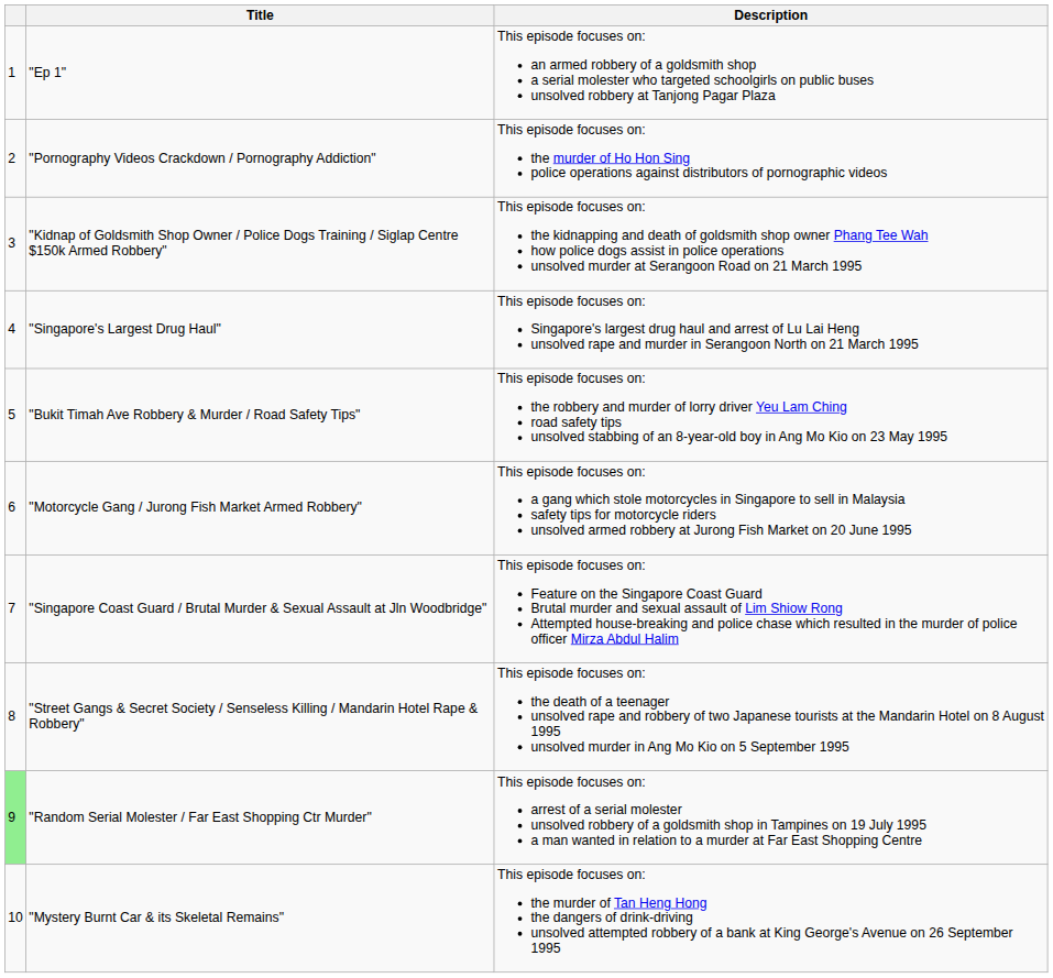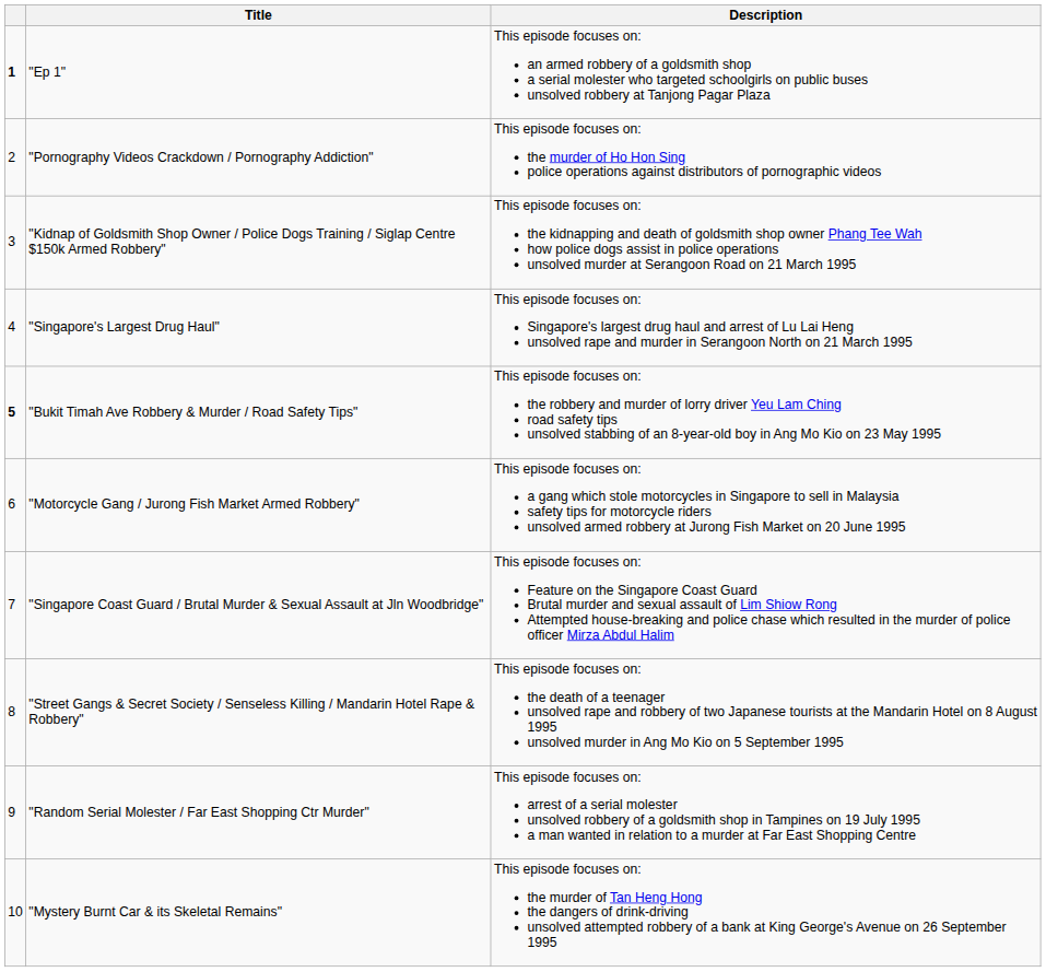 <table class="wikitable">
 <tr>
 <th></th>
 <th>Title</th>
 <th>Description</th>
 </tr>
 <tr>
-<td>1</td>
+<td><strong>1</strong></td>
 <td>"Ep 1"</td>
 <td>This episode focuses on:<br><ul><li>an armed robbery of a goldsmith shop</li><li>a serial molester who targeted schoolgirls on public buses</li><li>unsolved robbery at Tanjong Pagar Plaza</li></ul></td>
 </tr>
 <tr>
 <td>2</td>
 <td>"Pornography Videos Crackdown / Pornography Addiction"</td>
 <td>This episode focuses on:<br><ul><li>the <a href='#'>murder of Ho Hon Sing</a></li><li>police operations against distributors of pornographic videos</li></ul></td>
 </tr>
 <tr>
 <td>3</td>
 <td>"Kidnap of Goldsmith Shop Owner / Police Dogs Training / Siglap Centre $150k Armed Robbery"</td>
 <td>This episode focuses on:<br><ul><li>the kidnapping and death of goldsmith shop owner <a href='#'>Phang Tee Wah</a></li><li>how police dogs assist in police operations</li><li>unsolved murder at Serangoon Road on 21 March 1995</li></ul></td>
 </tr>
 <tr>
 <td>4</td>
 <td>"Singapore's Largest Drug Haul"</td>
 <td>This episode focuses on:<br><ul><li>Singapore's largest drug haul and arrest of Lu Lai Heng</li><li>unsolved rape and murder in Serangoon North on 21 March 1995</li></ul></td>
 </tr>
 <tr>
-<td>5</td>
+<td><strong>5</strong></td>
 <td>"Bukit Timah Ave Robbery & Murder / Road Safety Tips"</td>
 <td>This episode focuses on:<br><ul><li>the robbery and murder of lorry driver <a href='#'>Yeu Lam Ching</a></li><li>road safety tips</li><li>unsolved stabbing of an 8-year-old boy in Ang Mo Kio on 23 May 1995</li></ul></td>
 </tr>
 <tr>
 <td>6</td>
 <td>"Motorcycle Gang / Jurong Fish Market Armed Robbery"</td>
 <td>This episode focuses on:<br><ul><li>a gang which stole motorcycles in Singapore to sell in Malaysia</li><li>safety tips for motorcycle riders</li><li>unsolved armed robbery at Jurong Fish Market on 20 June 1995</li></ul></td>
 </tr>
 <tr>
 <td>7</td>
 <td>"Singapore Coast Guard / Brutal Murder & Sexual Assault at Jln Woodbridge"</td>
 <td>This episode focuses on:<br><ul><li>Feature on the Singapore Coast Guard</li><li>Brutal murder and sexual assault of <a href='#'>Lim Shiow Rong</a></li><li>Attempted house-breaking and police chase which resulted in the murder of police officer <a href='#'>Mirza Abdul Halim</a></li></ul></td>
 </tr>
 <tr>
 <td>8</td>
 <td>"Street Gangs & Secret Society / Senseless Killing / Mandarin Hotel Rape & Robbery"</td>
 <td>This episode focuses on:<br><ul><li>the death of a teenager</li><li>unsolved rape and robbery of two Japanese tourists at the Mandarin Hotel on 8 August 1995</li><li>unsolved murder in Ang Mo Kio on 5 September 1995</li></ul></td>
 </tr>
 <tr>
-<td style="background: lightgreen;">9</td>
+<td>9</td>
 <td>"Random Serial Molester / Far East Shopping Ctr Murder"</td>
 <td>This episode focuses on:<br><ul><li>arrest of a serial molester</li><li>unsolved robbery of a goldsmith shop in Tampines on 19 July 1995</li><li>a man wanted in relation to a murder at Far East Shopping Centre</li></ul></td>
 </tr>
 <tr>
 <td>10</td>
 <td>"Mystery Burnt Car & its Skeletal Remains"</td>
 <td>This episode focuses on:<br><ul><li>the murder of <a href='#'>Tan Heng Hong</a></li><li>the dangers of drink-driving</li><li>unsolved attempted robbery of a bank at King George's Avenue on 26 September 1995</li></ul></td>
 </tr>
 </table>
